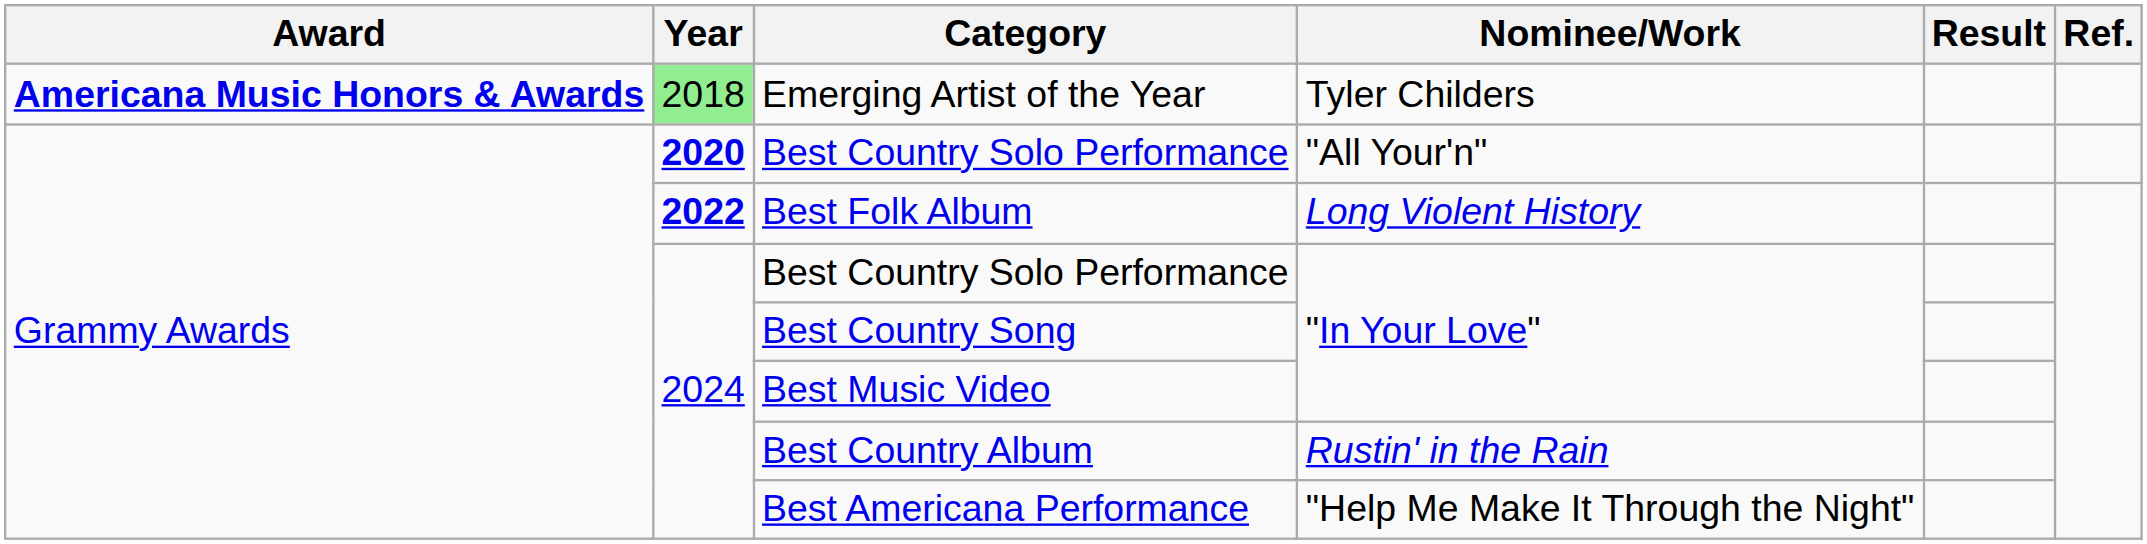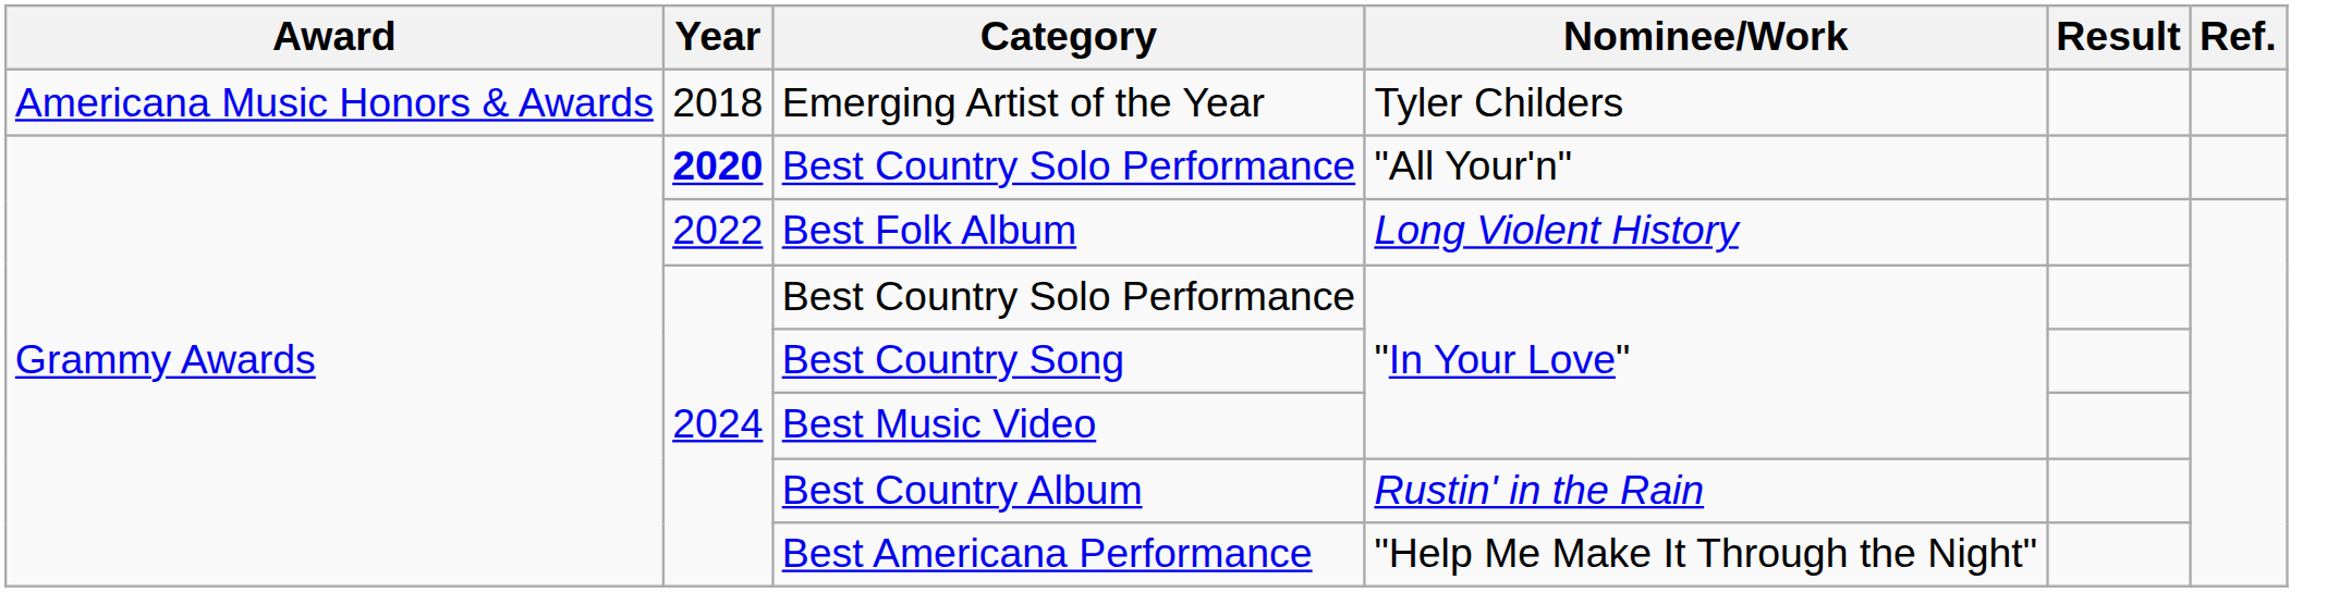 <table class="wikitable">
 <tr>
 <th>Award</th>
 <th>Year</th>
 <th>Category</th>
 <th>Nominee/Work</th>
 <th>Result</th>
 <th>Ref.</th>
 </tr>
 <tr>
-<td><strong><a href='#'>Americana Music Honors & Awards</a></strong></td>
-<td style="background: lightgreen;">2018</td>
+<td><a href='#'>Americana Music Honors & Awards</a></td>
+<td>2018</td>
 <td>Emerging Artist of the Year</td>
 <td>Tyler Childers</td>
 <td></td>
 <td></td>
 </tr>
 <tr>
 <td rowspan="7"><a href='#'>Grammy Awards</a></td>
 <td><strong><a href='#'>2020</a></strong></td>
 <td><a href='#'>Best Country Solo Performance</a></td>
 <td>"All Your'n"</td>
 <td></td>
 <td></td>
 </tr>
 <tr>
-<td><strong><a href='#'>2022</a></strong></td>
+<td><a href='#'>2022</a></td>
 <td><a href='#'>Best Folk Album</a></td>
 <td><em><a href='#'>Long Violent History</a></em></td>
 <td></td>
 <td rowspan="6"></td>
 </tr>
 <tr>
 <td rowspan="5"><a href='#'>2024</a></td>
 <td>Best Country Solo Performance</td>
 <td rowspan="3">"<a href='#'>In Your Love</a>"</td>
 <td></td>
 </tr>
 <tr>
 <td><a href='#'>Best Country Song</a></td>
 <td></td>
 </tr>
 <tr>
 <td><a href='#'>Best Music Video</a></td>
 <td></td>
 </tr>
 <tr>
 <td><a href='#'>Best Country Album</a></td>
 <td><em><a href='#'>Rustin' in the Rain</a></em></td>
 <td></td>
 </tr>
 <tr>
 <td><a href='#'>Best Americana Performance</a></td>
 <td>"Help Me Make It Through the Night"</td>
 <td></td>
 </tr>
 </table>
